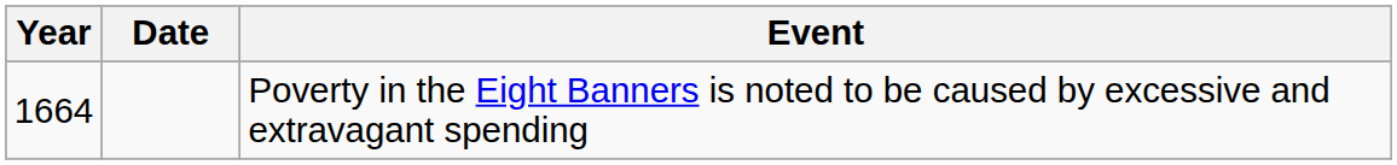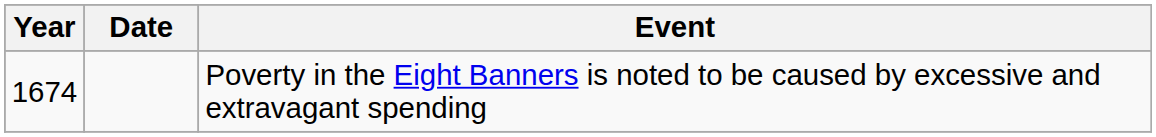 <table class="wikitable" style="width:100%;">
 <tr>
 <th style="width:6%">Year</th>
 <th style="width:10%">Date</th>
 <th>Event</th>
 </tr>
 <tr>
-<td>1664</td>
+<td>1674</td>
 <td></td>
 <td>Poverty in the <a href='#'>Eight Banners</a> is noted to be caused by excessive and extravagant spending</td>
 </tr>
 </table>
